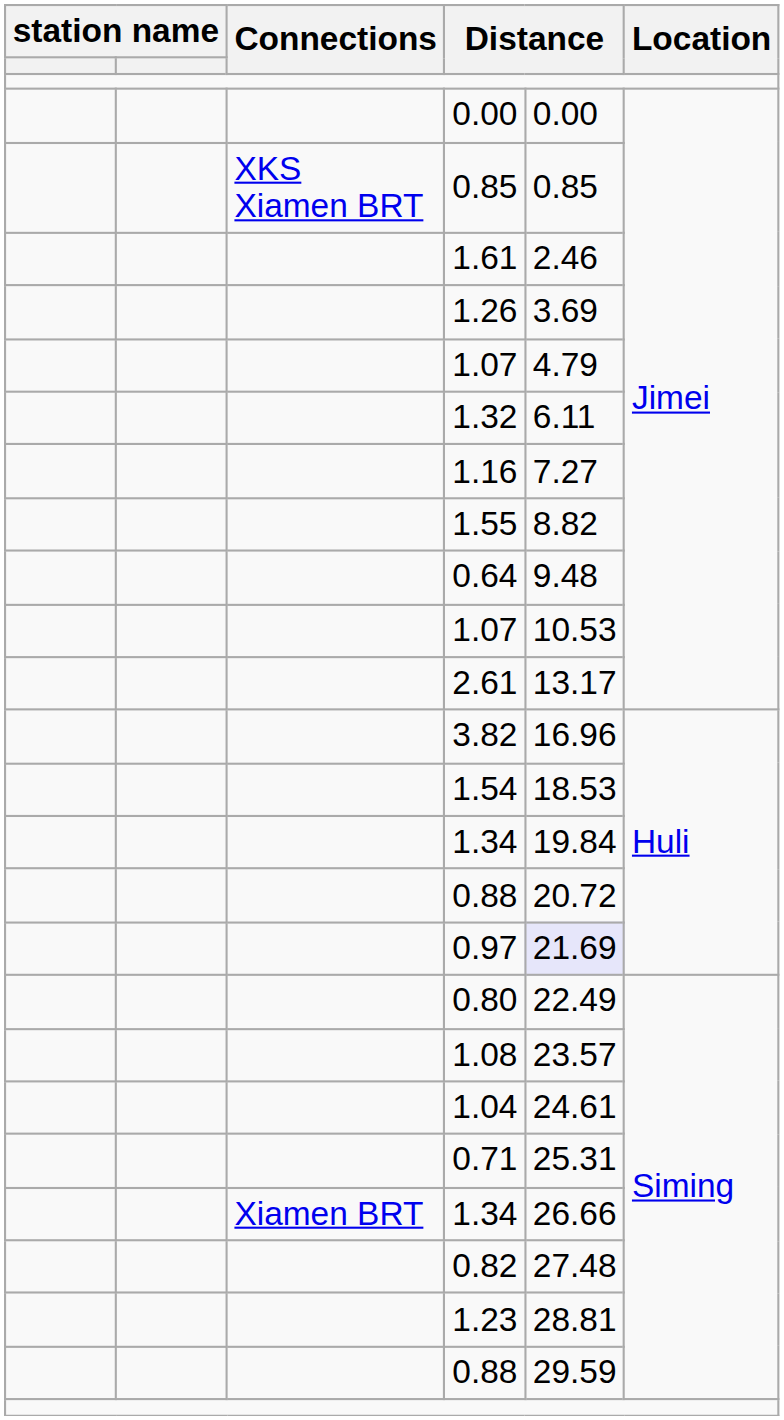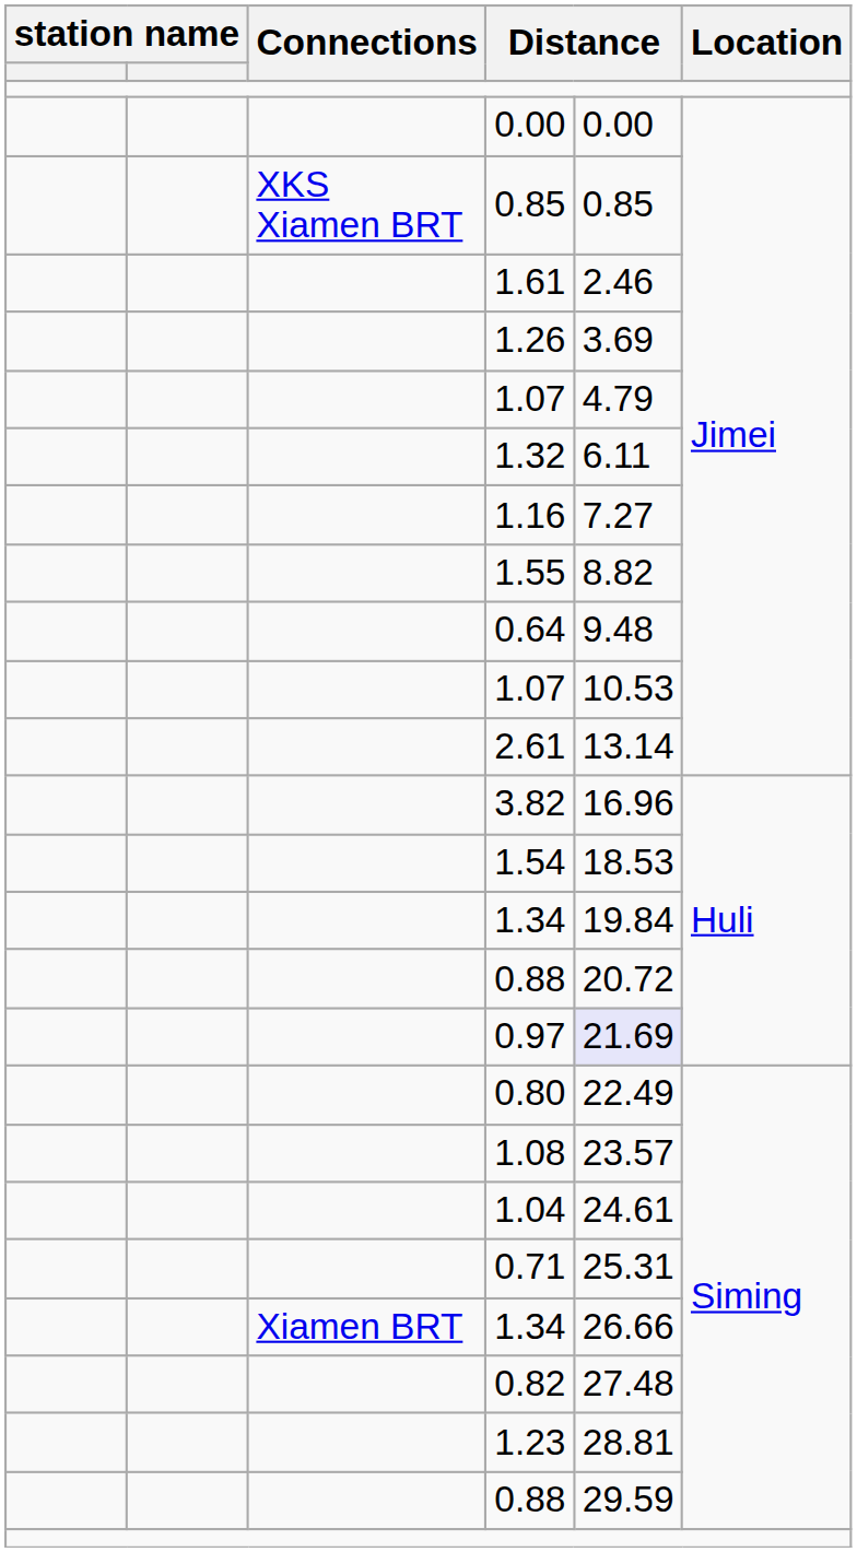 <table class="wikitable">
 <tr>
 <th colspan="2">station name</th>
 <th rowspan="2">Connections</th>
 <th colspan="2" rowspan="2">Distance<br></th>
 <th rowspan="2">Location</th>
 </tr>
 <tr>
 <th></th>
 <th></th>
 </tr>
 <tr style="background:#">
 <td colspan = "7"></td>
 </tr>
 <tr>
 <td></td>
 <td></td>
 <td></td>
 <td>0.00</td>
 <td>0.00</td>
 <td rowspan="11"><a href='#'>Jimei</a></td>
 </tr>
 <tr>
 <td></td>
 <td></td>
 <td> <a href='#'>XKS</a><br><a href='#'>Xiamen BRT</a></td>
 <td>0.85</td>
 <td>0.85</td>
 </tr>
 <tr>
 <td></td>
 <td></td>
 <td></td>
 <td>1.61</td>
 <td>2.46</td>
 </tr>
 <tr>
 <td></td>
 <td></td>
 <td></td>
 <td>1.26</td>
 <td>3.69</td>
 </tr>
 <tr>
 <td></td>
 <td></td>
 <td></td>
 <td>1.07</td>
 <td>4.79</td>
 </tr>
 <tr>
 <td></td>
 <td></td>
 <td></td>
 <td>1.32</td>
 <td>6.11</td>
 </tr>
 <tr>
 <td></td>
 <td></td>
 <td></td>
 <td>1.16</td>
 <td>7.27</td>
 </tr>
 <tr>
 <td></td>
 <td></td>
 <td></td>
 <td>1.55</td>
 <td>8.82</td>
 </tr>
 <tr>
 <td></td>
 <td></td>
 <td></td>
 <td>0.64</td>
 <td>9.48</td>
 </tr>
 <tr>
 <td></td>
 <td></td>
 <td></td>
 <td>1.07</td>
 <td>10.53</td>
 </tr>
 <tr>
 <td></td>
 <td></td>
 <td></td>
 <td>2.61</td>
-<td>13.17</td>
+<td>13.14</td>
 </tr>
 <tr>
 <td></td>
 <td></td>
 <td></td>
 <td>3.82</td>
 <td>16.96</td>
 <td rowspan="5"><a href='#'>Huli</a></td>
 </tr>
 <tr>
 <td></td>
 <td></td>
 <td></td>
 <td>1.54</td>
 <td>18.53</td>
 </tr>
 <tr>
 <td></td>
 <td></td>
 <td></td>
 <td>1.34</td>
 <td>19.84</td>
 </tr>
 <tr>
 <td></td>
 <td></td>
 <td></td>
 <td>0.88</td>
 <td>20.72</td>
 </tr>
 <tr>
 <td></td>
 <td></td>
 <td></td>
 <td>0.97</td>
 <td style="background: lavender;">21.69</td>
 </tr>
 <tr>
 <td></td>
 <td></td>
 <td></td>
 <td>0.80</td>
 <td>22.49</td>
 <td rowspan="8"><a href='#'>Siming</a></td>
 </tr>
 <tr>
 <td></td>
 <td></td>
 <td></td>
 <td>1.08</td>
 <td>23.57</td>
 </tr>
 <tr>
 <td></td>
 <td></td>
 <td></td>
 <td>1.04</td>
 <td>24.61</td>
 </tr>
 <tr>
 <td></td>
 <td></td>
 <td></td>
 <td>0.71</td>
 <td>25.31</td>
 </tr>
 <tr>
 <td></td>
 <td></td>
 <td><a href='#'>Xiamen BRT</a></td>
 <td>1.34</td>
 <td>26.66</td>
 </tr>
 <tr>
 <td></td>
 <td></td>
 <td></td>
 <td>0.82</td>
 <td>27.48</td>
 </tr>
 <tr>
 <td></td>
 <td></td>
 <td></td>
 <td>1.23</td>
 <td>28.81</td>
 </tr>
 <tr>
 <td></td>
 <td></td>
 <td></td>
 <td>0.88</td>
 <td>29.59</td>
 </tr>
 <tr style="background:#">
 <td colspan = "7"></td>
 </tr>
 </table>
